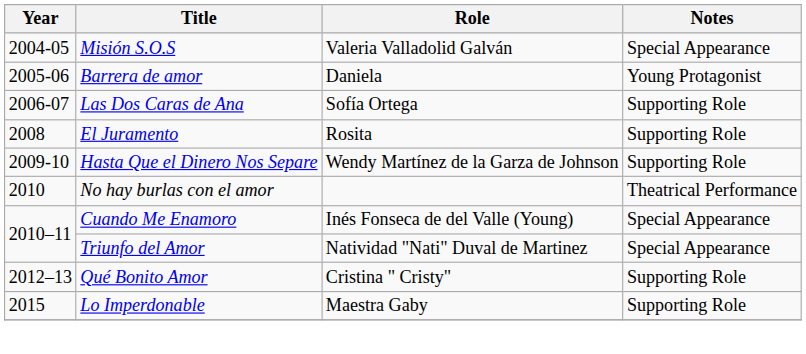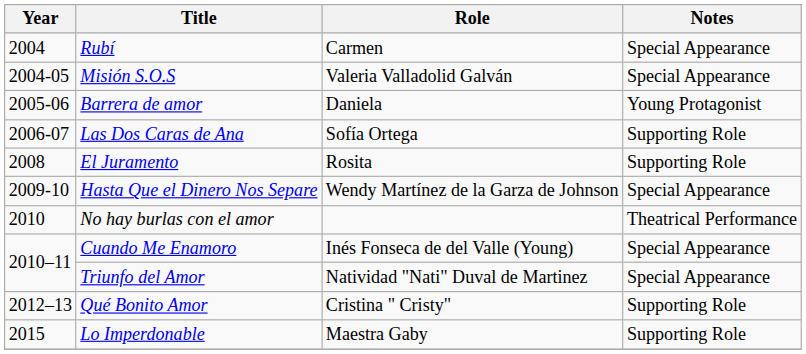 <table class="wikitable">
 <tr style="background:#b0c4de;">
 <th>Year</th>
 <th>Title</th>
 <th>Role</th>
 <th>Notes</th>
+</tr>
+<tr>
+<td>2004</td>
+<td><em><a href='#'>Rubí</a></em></td>
+<td>Carmen</td>
+<td>Special Appearance</td>
 </tr>
 <tr>
 <td>2004-05</td>
 <td><em><a href='#'>Misión S.O.S</a></em></td>
 <td>Valeria Valladolid Galván</td>
 <td>Special Appearance</td>
 </tr>
 <tr>
 <td>2005-06</td>
 <td><em><a href='#'>Barrera de amor</a></em></td>
 <td>Daniela</td>
 <td>Young Protagonist</td>
 </tr>
 <tr>
 <td>2006-07</td>
 <td><em><a href='#'>Las Dos Caras de Ana</a></em></td>
 <td>Sofía Ortega</td>
 <td>Supporting Role</td>
 </tr>
 <tr>
 <td>2008</td>
 <td><em><a href='#'>El Juramento</a></em></td>
 <td>Rosita</td>
 <td>Supporting Role</td>
 </tr>
 <tr>
 <td>2009-10</td>
 <td><em><a href='#'>Hasta Que el Dinero Nos Separe</a></em></td>
 <td>Wendy Martínez de la Garza de Johnson</td>
-<td>Supporting Role</td>
+<td>Special Appearance</td>
 </tr>
 <tr>
 <td>2010</td>
 <td><em>No hay burlas con el amor</em></td>
 <td></td>
 <td>Theatrical Performance</td>
 </tr>
 <tr>
 <td rowspan=2>2010–11</td>
 <td><em><a href='#'>Cuando Me Enamoro</a></em></td>
 <td>Inés Fonseca de del Valle (Young)</td>
 <td>Special Appearance</td>
 </tr>
 <tr>
 <td><em><a href='#'>Triunfo del Amor</a></em></td>
 <td>Natividad "Nati" Duval de Martinez</td>
 <td>Special Appearance</td>
 </tr>
 <tr>
 <td>2012–13</td>
 <td><em><a href='#'>Qué Bonito Amor</a></em></td>
 <td>Cristina " Cristy"</td>
 <td>Supporting Role</td>
 </tr>
 <tr>
 <td>2015</td>
 <td><em><a href='#'>Lo Imperdonable</a></em></td>
 <td>Maestra Gaby</td>
 <td>Supporting Role</td>
 </tr>
 <tr>
 </tr>
 </table>
